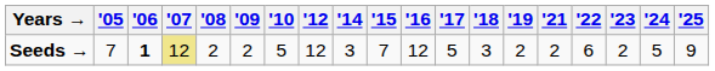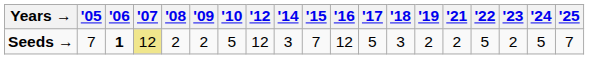 <table class="wikitable">
 <tr>
 <th>Years →</th>
 <th><a href='#'>'05</a></th>
 <th><a href='#'>'06</a></th>
 <th><a href='#'>'07</a></th>
 <th><a href='#'>'08</a></th>
 <th><a href='#'>'09</a></th>
 <th><a href='#'>'10</a></th>
 <th><a href='#'>'12</a></th>
 <th><a href='#'>'14</a></th>
 <th><a href='#'>'15</a></th>
 <th><a href='#'>'16</a></th>
 <th><a href='#'>'17</a></th>
 <th><a href='#'>'18</a></th>
 <th><a href='#'>'19</a></th>
 <th><a href='#'>'21</a></th>
 <th><a href='#'>'22</a></th>
 <th><a href='#'>'23</a></th>
 <th><a href='#'>'24</a></th>
 <th><a href='#'>'25</a></th>
 </tr>
 <tr align=center>
 <td style="text-align:left; "><strong>Seeds →</strong></td>
 <td>7</td>
 <td><strong>1</strong></td>
 <td style="background: khaki;">12</td>
 <td>2</td>
 <td>2</td>
 <td>5</td>
 <td>12</td>
 <td>3</td>
 <td>7</td>
 <td>12</td>
 <td>5</td>
 <td>3</td>
 <td>2</td>
 <td>2</td>
-<td>6</td>
+<td>5</td>
 <td>2</td>
 <td>5</td>
-<td>9</td>
+<td>7</td>
 </tr>
 </table>
